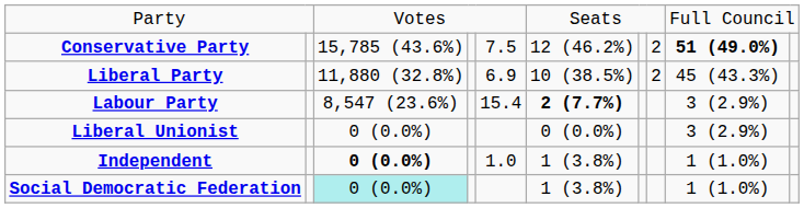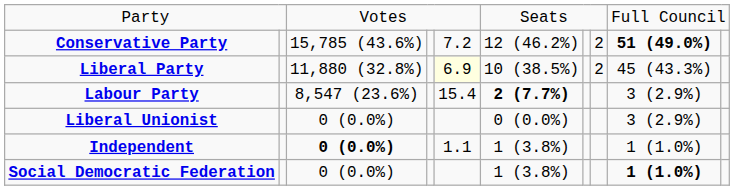 <table class=wikitable style="text-align:center;">
 <tr>
 <td colspan=2>Party</td>
 <td colspan=3>Votes</td>
 <td colspan=3>Seats</td>
 <td colspan=3>Full Council</td>
 </tr>
 <tr>
 <td><strong><a href='#'>Conservative Party</a></strong></td>
 <td style="background:"></td>
 <td>15,785 (43.6%)</td>
 <td></td>
-<td> 7.5</td>
+<td> 7.2</td>
 <td>12 (46.2%)</td>
 <td></td>
 <td> 2</td>
 <td><strong>51 (49.0%)</strong></td>
 <td></td>
 </tr>
 <tr>
 <td><strong><a href='#'>Liberal Party</a></strong></td>
 <td style="background:"></td>
 <td>11,880 (32.8%)</td>
 <td></td>
-<td> 6.9</td>
+<td style="background: lightyellow;"> 6.9</td>
 <td>10 (38.5%)</td>
 <td></td>
 <td> 2</td>
 <td>45 (43.3%)</td>
 <td></td>
 </tr>
 <tr>
 <td><strong><a href='#'>Labour Party</a></strong></td>
 <td style="background:"></td>
 <td>8,547 (23.6%)</td>
 <td></td>
 <td> 15.4</td>
 <td><strong>2 (7.7%)</strong></td>
 <td></td>
 <td></td>
 <td>3 (2.9%)</td>
 <td></td>
 </tr>
 <tr>
 <td><strong><a href='#'>Liberal Unionist</a></strong></td>
 <td style="background:"></td>
 <td>0 (0.0%)</td>
 <td></td>
 <td></td>
 <td>0 (0.0%)</td>
 <td></td>
 <td></td>
 <td>3 (2.9%)</td>
 <td></td>
 </tr>
 <tr>
 <td><strong><a href='#'>Independent</a></strong></td>
 <td style="background:"></td>
 <td><strong>0 (0.0%)</strong></td>
 <td></td>
-<td> 1.0</td>
+<td> 1.1</td>
 <td>1 (3.8%)</td>
 <td></td>
 <td></td>
 <td>1 (1.0%)</td>
 <td></td>
 </tr>
 <tr>
 <td><strong><a href='#'>Social Democratic Federation</a></strong></td>
 <td style="background:"></td>
-<td style="background: paleturquoise;">0 (0.0%)</td>
+<td>0 (0.0%)</td>
 <td></td>
 <td></td>
 <td>1 (3.8%)</td>
 <td></td>
 <td></td>
-<td>1 (1.0%)</td>
+<td><strong>1 (1.0%)</strong></td>
 <td></td>
 </tr>
 </table>
